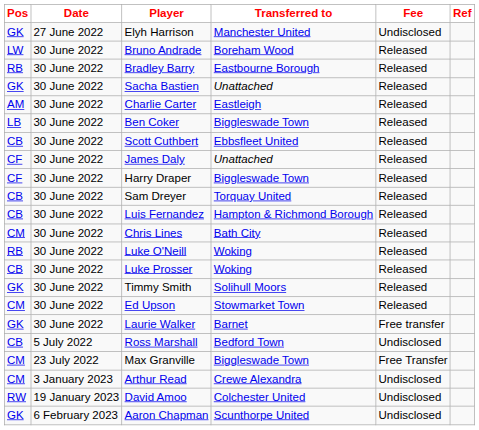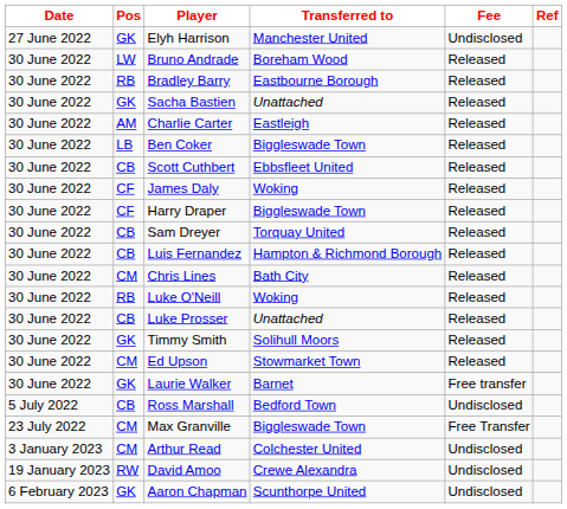 <table class="wikitable plainrowheaders sortable">
 <tr>
+<th style="background:#FFFFFF; color:#FF0000; ">Date</th>
 <th style="background:#FFFFFF; color:#FF0000; ">Pos</th>
-<th style="background:#FFFFFF; color:#FF0000; ">Date</th>
 <th style="background:#FFFFFF; color:#FF0000; ">Player</th>
 <th style="background:#FFFFFF; color:#FF0000; ">Transferred to</th>
 <th style="background:#FFFFFF; color:#FF0000; ">Fee</th>
 <th style="background:#FFFFFF; color:#FF0000; ">Ref</th>
 </tr>
 <tr>
+<td>27 June 2022</td>
 <td><a href='#'>GK</a></td>
-<td>27 June 2022</td>
 <td> Elyh Harrison</td>
 <td> <a href='#'>Manchester United</a></td>
 <td>Undisclosed</td>
 <td></td>
 </tr>
 <tr>
+<td>30 June 2022</td>
 <td><a href='#'>LW</a></td>
-<td>30 June 2022</td>
 <td> <a href='#'>Bruno Andrade</a></td>
 <td> <a href='#'>Boreham Wood</a></td>
 <td>Released</td>
 <td></td>
 </tr>
 <tr>
+<td>30 June 2022</td>
 <td><a href='#'>RB</a></td>
-<td>30 June 2022</td>
 <td> <a href='#'>Bradley Barry</a></td>
 <td> <a href='#'>Eastbourne Borough</a></td>
 <td>Released</td>
 <td></td>
 </tr>
 <tr>
+<td>30 June 2022</td>
 <td><a href='#'>GK</a></td>
-<td>30 June 2022</td>
 <td> <a href='#'>Sacha Bastien</a></td>
 <td> <em>Unattached</em></td>
 <td>Released</td>
 <td></td>
 </tr>
 <tr>
+<td>30 June 2022</td>
 <td><a href='#'>AM</a></td>
-<td>30 June 2022</td>
 <td> <a href='#'>Charlie Carter</a></td>
 <td> <a href='#'>Eastleigh</a></td>
 <td>Released</td>
 <td></td>
 </tr>
 <tr>
+<td>30 June 2022</td>
 <td><a href='#'>LB</a></td>
-<td>30 June 2022</td>
 <td> <a href='#'>Ben Coker</a></td>
 <td> <a href='#'>Biggleswade Town</a></td>
 <td>Released</td>
 <td></td>
 </tr>
 <tr>
+<td>30 June 2022</td>
 <td><a href='#'>CB</a></td>
-<td>30 June 2022</td>
 <td> <a href='#'>Scott Cuthbert</a></td>
 <td> <a href='#'>Ebbsfleet United</a></td>
 <td>Released</td>
 <td></td>
 </tr>
 <tr>
+<td>30 June 2022</td>
 <td><a href='#'>CF</a></td>
-<td>30 June 2022</td>
 <td> <a href='#'>James Daly</a></td>
-<td> <em>Unattached</em></td>
+<td> <a href='#'>Woking</a></td>
 <td>Released</td>
 <td></td>
 </tr>
 <tr>
+<td>30 June 2022</td>
 <td><a href='#'>CF</a></td>
-<td>30 June 2022</td>
 <td> Harry Draper</td>
 <td> <a href='#'>Biggleswade Town</a></td>
 <td>Released</td>
 <td></td>
 </tr>
 <tr>
+<td>30 June 2022</td>
 <td><a href='#'>CB</a></td>
-<td>30 June 2022</td>
 <td> Sam Dreyer</td>
 <td> <a href='#'>Torquay United</a></td>
 <td>Released</td>
 <td></td>
 </tr>
 <tr>
+<td>30 June 2022</td>
 <td><a href='#'>CB</a></td>
-<td>30 June 2022</td>
 <td> <a href='#'>Luis Fernandez</a></td>
 <td> <a href='#'>Hampton & Richmond Borough</a></td>
 <td>Released</td>
 <td></td>
 </tr>
 <tr>
+<td>30 June 2022</td>
 <td><a href='#'>CM</a></td>
-<td>30 June 2022</td>
 <td> <a href='#'>Chris Lines</a></td>
 <td> <a href='#'>Bath City</a></td>
 <td>Released</td>
 <td></td>
 </tr>
 <tr>
+<td>30 June 2022</td>
 <td><a href='#'>RB</a></td>
-<td>30 June 2022</td>
 <td> <a href='#'>Luke O'Neill</a></td>
 <td> <a href='#'>Woking</a></td>
 <td>Released</td>
 <td></td>
 </tr>
 <tr>
+<td>30 June 2022</td>
 <td><a href='#'>CB</a></td>
-<td>30 June 2022</td>
 <td> <a href='#'>Luke Prosser</a></td>
-<td> <a href='#'>Woking</a></td>
+<td> <em>Unattached</em></td>
 <td>Released</td>
 <td></td>
 </tr>
 <tr>
+<td>30 June 2022</td>
 <td><a href='#'>GK</a></td>
-<td>30 June 2022</td>
 <td> Timmy Smith</td>
 <td> <a href='#'>Solihull Moors</a></td>
 <td>Released</td>
 <td></td>
 </tr>
 <tr>
+<td>30 June 2022</td>
 <td><a href='#'>CM</a></td>
-<td>30 June 2022</td>
 <td> <a href='#'>Ed Upson</a></td>
 <td> <a href='#'>Stowmarket Town</a></td>
 <td>Released</td>
 <td></td>
 </tr>
 <tr>
+<td>30 June 2022</td>
 <td><a href='#'>GK</a></td>
-<td>30 June 2022</td>
 <td> <a href='#'>Laurie Walker</a></td>
 <td> <a href='#'>Barnet</a></td>
 <td>Free transfer</td>
 <td></td>
 </tr>
 <tr>
+<td>5 July 2022</td>
 <td><a href='#'>CB</a></td>
-<td>5 July 2022</td>
 <td> <a href='#'>Ross Marshall</a></td>
 <td> <a href='#'>Bedford Town</a></td>
 <td>Undisclosed</td>
 <td></td>
 </tr>
 <tr>
+<td>23 July 2022</td>
 <td><a href='#'>CM</a></td>
-<td>23 July 2022</td>
 <td> Max Granville</td>
 <td> <a href='#'>Biggleswade Town</a></td>
 <td>Free Transfer</td>
 <td></td>
 </tr>
 <tr>
+<td>3 January 2023</td>
 <td><a href='#'>CM</a></td>
-<td>3 January 2023</td>
 <td> <a href='#'>Arthur Read</a></td>
+<td> <a href='#'>Colchester United</a></td>
+<td>Undisclosed</td>
+<td></td>
+</tr>
+<tr>
+<td>19 January 2023</td>
+<td><a href='#'>RW</a></td>
+<td> <a href='#'>David Amoo</a></td>
 <td> <a href='#'>Crewe Alexandra</a></td>
 <td>Undisclosed</td>
 <td></td>
 </tr>
 <tr>
-<td><a href='#'>RW</a></td>
-<td>19 January 2023</td>
-<td> <a href='#'>David Amoo</a></td>
-<td> <a href='#'>Colchester United</a></td>
-<td>Undisclosed</td>
-<td></td>
-</tr>
-<tr>
+<td>6 February 2023</td>
 <td><a href='#'>GK</a></td>
-<td>6 February 2023</td>
 <td> <a href='#'>Aaron Chapman</a></td>
 <td> <a href='#'>Scunthorpe United</a></td>
 <td>Undisclosed</td>
 <td></td>
 </tr>
 </table>
